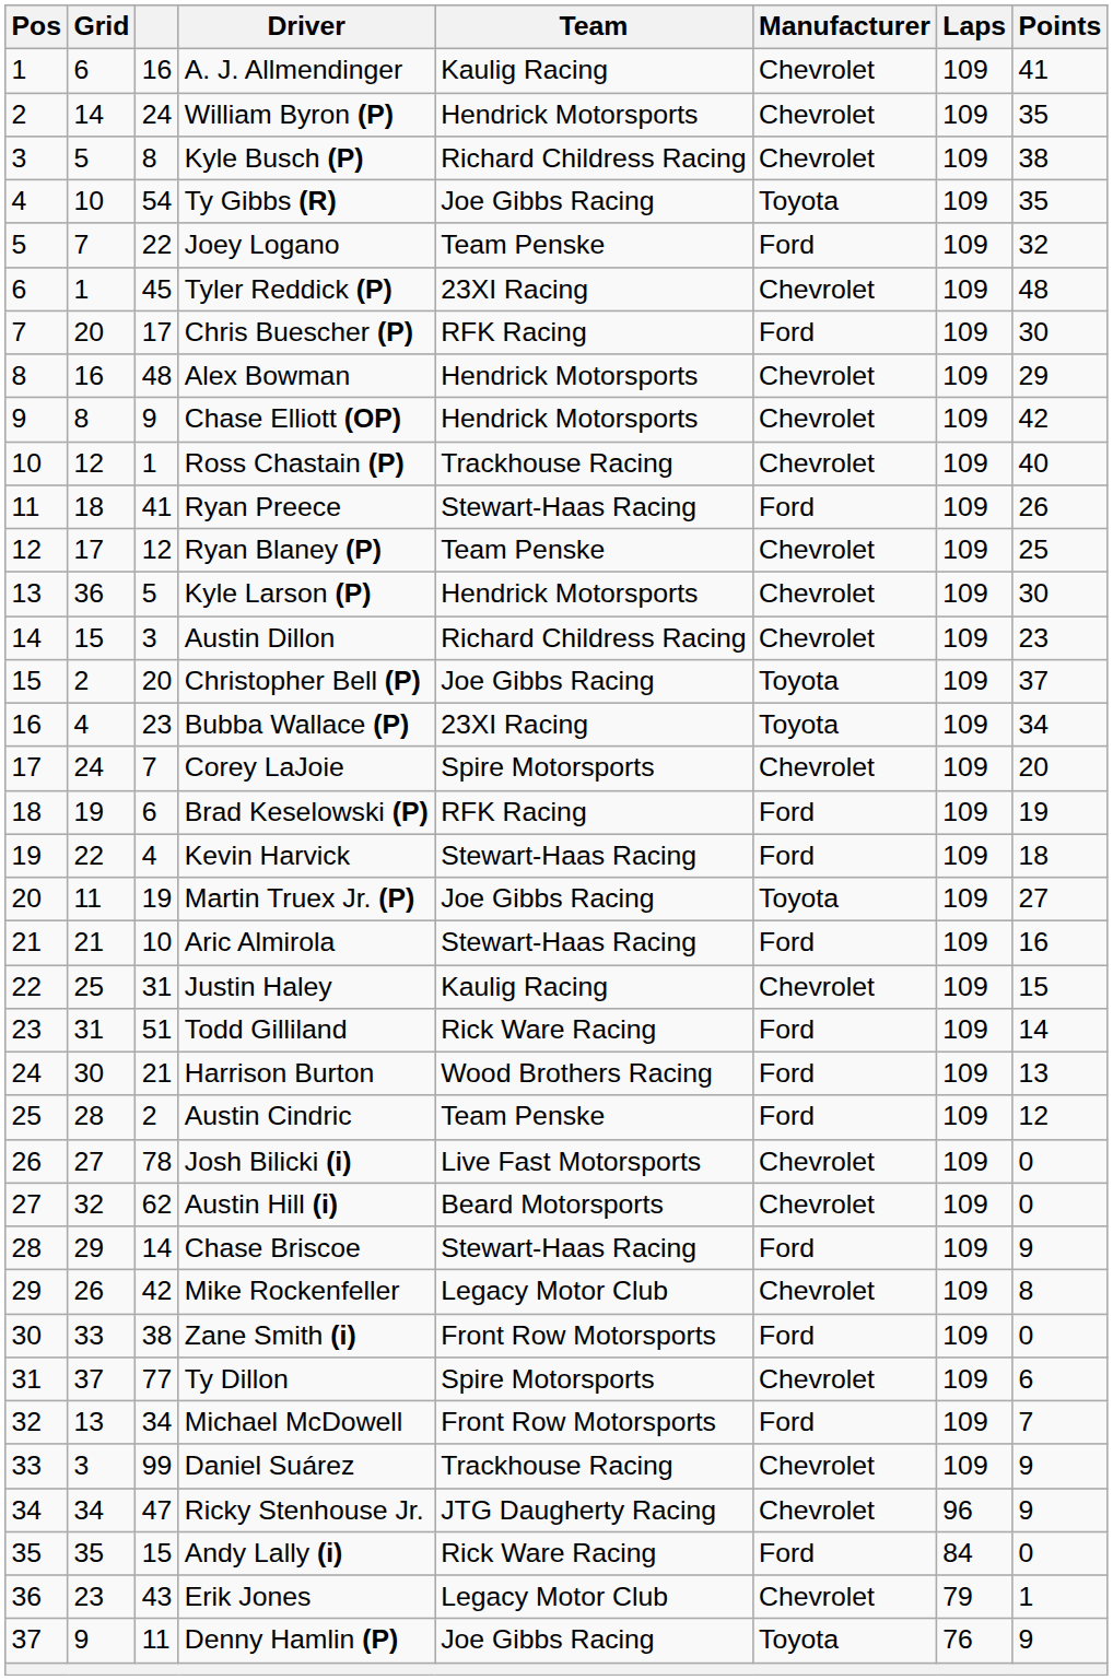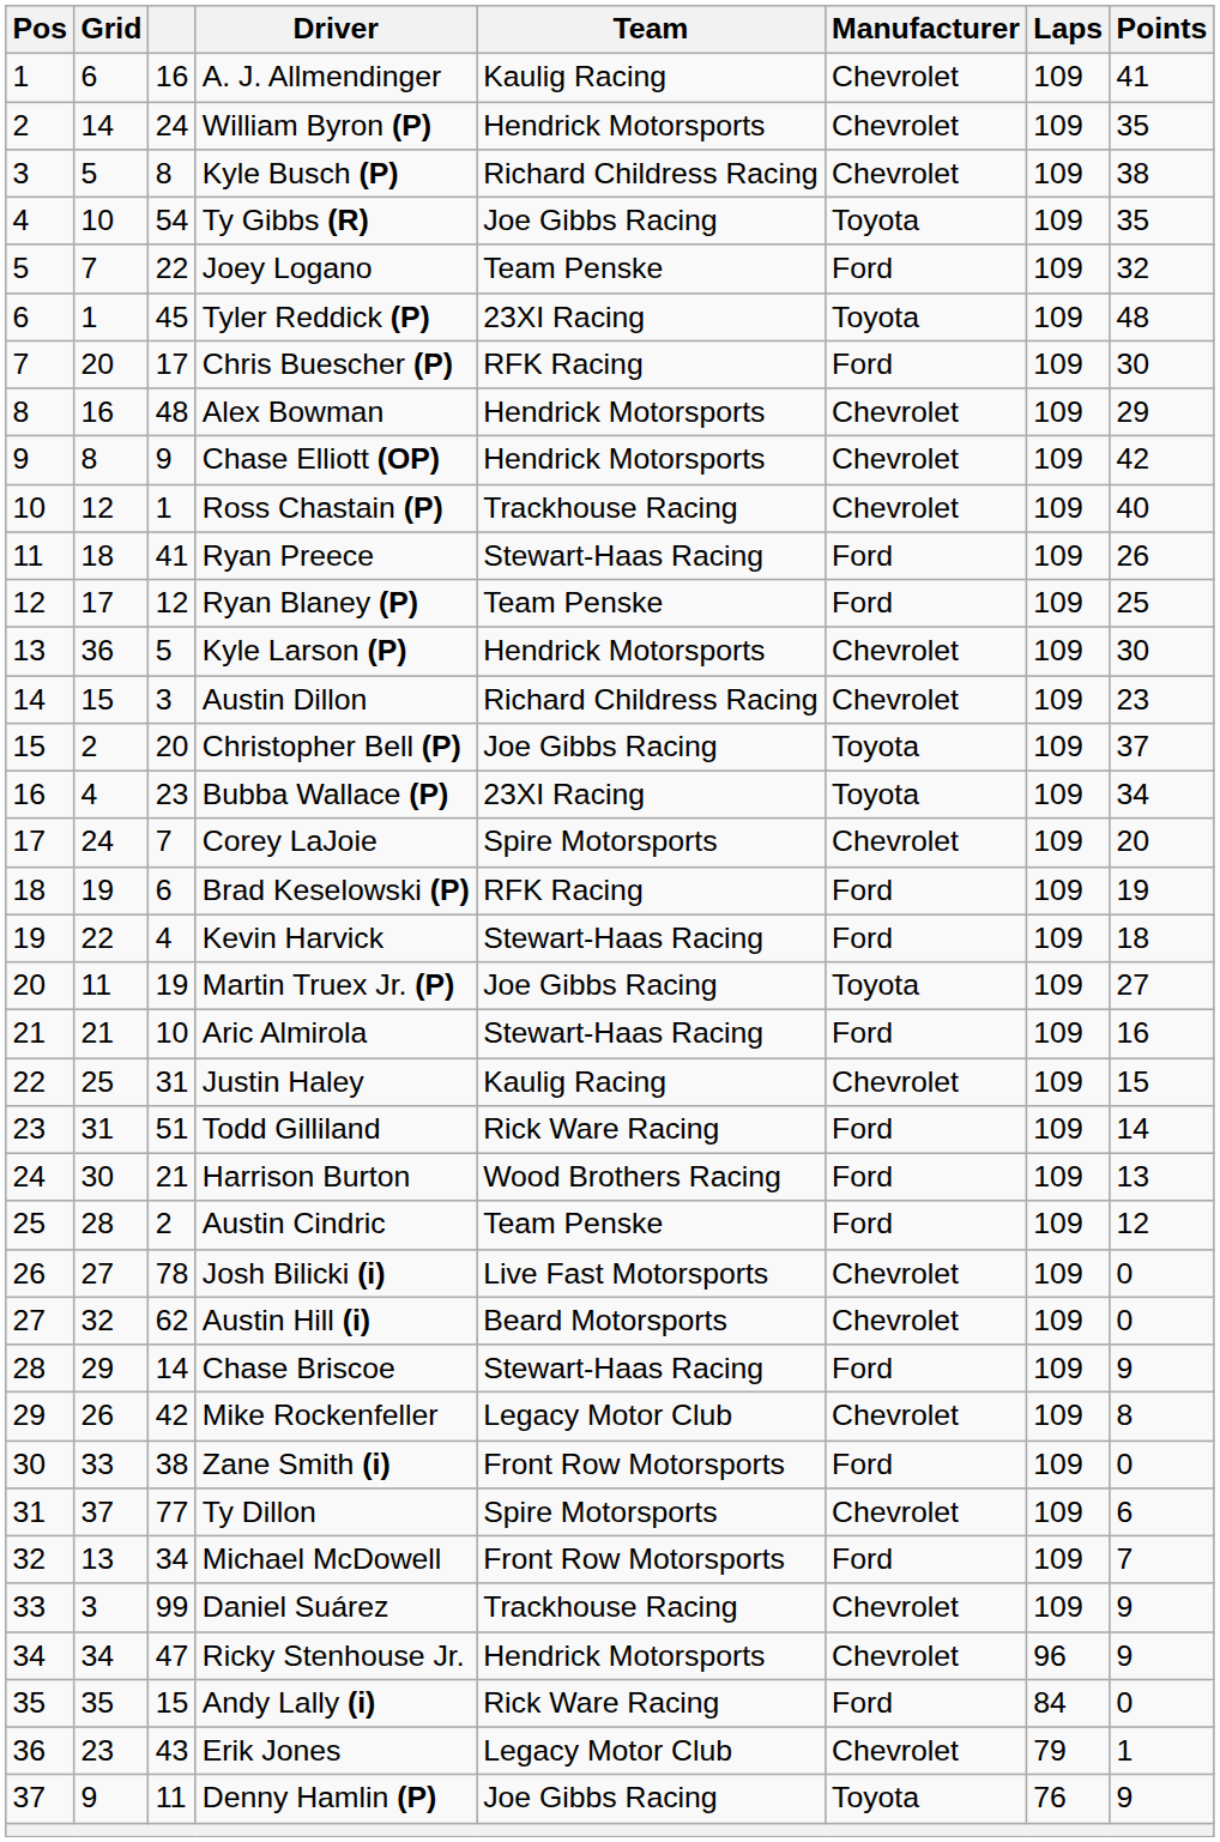 <table class="wikitable" style="font-size:98%">
 <tr>
 <th>Pos</th>
 <th>Grid</th>
 <th></th>
 <th>Driver</th>
 <th>Team</th>
 <th>Manufacturer</th>
 <th>Laps</th>
 <th>Points</th>
 </tr>
 <tr>
 <td>1</td>
 <td>6</td>
 <td>16</td>
 <td>A. J. Allmendinger</td>
 <td>Kaulig Racing</td>
 <td>Chevrolet</td>
 <td>109</td>
 <td>41</td>
 </tr>
 <tr>
 <td>2</td>
 <td>14</td>
 <td>24</td>
 <td>William Byron <strong>(P)</strong></td>
 <td>Hendrick Motorsports</td>
 <td>Chevrolet</td>
 <td>109</td>
 <td>35</td>
 </tr>
 <tr>
 <td>3</td>
 <td>5</td>
 <td>8</td>
 <td>Kyle Busch <strong>(P)</strong></td>
 <td>Richard Childress Racing</td>
 <td>Chevrolet</td>
 <td>109</td>
 <td>38</td>
 </tr>
 <tr>
 <td>4</td>
 <td>10</td>
 <td>54</td>
 <td>Ty Gibbs <strong>(R)</strong></td>
 <td>Joe Gibbs Racing</td>
 <td>Toyota</td>
 <td>109</td>
 <td>35</td>
 </tr>
 <tr>
 <td>5</td>
 <td>7</td>
 <td>22</td>
 <td>Joey Logano</td>
 <td>Team Penske</td>
 <td>Ford</td>
 <td>109</td>
 <td>32</td>
 </tr>
 <tr>
 <td>6</td>
 <td>1</td>
 <td>45</td>
 <td>Tyler Reddick <strong>(P)</strong></td>
 <td>23XI Racing</td>
-<td>Chevrolet</td>
+<td>Toyota</td>
 <td>109</td>
 <td>48</td>
 </tr>
 <tr>
 <td>7</td>
 <td>20</td>
 <td>17</td>
 <td>Chris Buescher <strong>(P)</strong></td>
 <td>RFK Racing</td>
 <td>Ford</td>
 <td>109</td>
 <td>30</td>
 </tr>
 <tr>
 <td>8</td>
 <td>16</td>
 <td>48</td>
 <td>Alex Bowman</td>
 <td>Hendrick Motorsports</td>
 <td>Chevrolet</td>
 <td>109</td>
 <td>29</td>
 </tr>
 <tr>
 <td>9</td>
 <td>8</td>
 <td>9</td>
 <td>Chase Elliott <strong>(OP)</strong></td>
 <td>Hendrick Motorsports</td>
 <td>Chevrolet</td>
 <td>109</td>
 <td>42</td>
 </tr>
 <tr>
 <td>10</td>
 <td>12</td>
 <td>1</td>
 <td>Ross Chastain <strong>(P)</strong></td>
 <td>Trackhouse Racing</td>
 <td>Chevrolet</td>
 <td>109</td>
 <td>40</td>
 </tr>
 <tr>
 <td>11</td>
 <td>18</td>
 <td>41</td>
 <td>Ryan Preece</td>
 <td>Stewart-Haas Racing</td>
 <td>Ford</td>
 <td>109</td>
 <td>26</td>
 </tr>
 <tr>
 <td>12</td>
 <td>17</td>
 <td>12</td>
 <td>Ryan Blaney <strong>(P)</strong></td>
 <td>Team Penske</td>
-<td>Chevrolet</td>
+<td>Ford</td>
 <td>109</td>
 <td>25</td>
 </tr>
 <tr>
 <td>13</td>
 <td>36</td>
 <td>5</td>
 <td>Kyle Larson <strong>(P)</strong></td>
 <td>Hendrick Motorsports</td>
 <td>Chevrolet</td>
 <td>109</td>
 <td>30</td>
 </tr>
 <tr>
 <td>14</td>
 <td>15</td>
 <td>3</td>
 <td>Austin Dillon</td>
 <td>Richard Childress Racing</td>
 <td>Chevrolet</td>
 <td>109</td>
 <td>23</td>
 </tr>
 <tr>
 <td>15</td>
 <td>2</td>
 <td>20</td>
 <td>Christopher Bell <strong>(P)</strong></td>
 <td>Joe Gibbs Racing</td>
 <td>Toyota</td>
 <td>109</td>
 <td>37</td>
 </tr>
 <tr>
 <td>16</td>
 <td>4</td>
 <td>23</td>
 <td>Bubba Wallace <strong>(P)</strong></td>
 <td>23XI Racing</td>
 <td>Toyota</td>
 <td>109</td>
 <td>34</td>
 </tr>
 <tr>
 <td>17</td>
 <td>24</td>
 <td>7</td>
 <td>Corey LaJoie</td>
 <td>Spire Motorsports</td>
 <td>Chevrolet</td>
 <td>109</td>
 <td>20</td>
 </tr>
 <tr>
 <td>18</td>
 <td>19</td>
 <td>6</td>
 <td>Brad Keselowski <strong>(P)</strong></td>
 <td>RFK Racing</td>
 <td>Ford</td>
 <td>109</td>
 <td>19</td>
 </tr>
 <tr>
 <td>19</td>
 <td>22</td>
 <td>4</td>
 <td>Kevin Harvick</td>
 <td>Stewart-Haas Racing</td>
 <td>Ford</td>
 <td>109</td>
 <td>18</td>
 </tr>
 <tr>
 <td>20</td>
 <td>11</td>
 <td>19</td>
 <td>Martin Truex Jr. <strong>(P)</strong></td>
 <td>Joe Gibbs Racing</td>
 <td>Toyota</td>
 <td>109</td>
 <td>27</td>
 </tr>
 <tr>
 <td>21</td>
 <td>21</td>
 <td>10</td>
 <td>Aric Almirola</td>
 <td>Stewart-Haas Racing</td>
 <td>Ford</td>
 <td>109</td>
 <td>16</td>
 </tr>
 <tr>
 <td>22</td>
 <td>25</td>
 <td>31</td>
 <td>Justin Haley</td>
 <td>Kaulig Racing</td>
 <td>Chevrolet</td>
 <td>109</td>
 <td>15</td>
 </tr>
 <tr>
 <td>23</td>
 <td>31</td>
 <td>51</td>
 <td>Todd Gilliland</td>
 <td>Rick Ware Racing</td>
 <td>Ford</td>
 <td>109</td>
 <td>14</td>
 </tr>
 <tr>
 <td>24</td>
 <td>30</td>
 <td>21</td>
 <td>Harrison Burton</td>
 <td>Wood Brothers Racing</td>
 <td>Ford</td>
 <td>109</td>
 <td>13</td>
 </tr>
 <tr>
 <td>25</td>
 <td>28</td>
 <td>2</td>
 <td>Austin Cindric</td>
 <td>Team Penske</td>
 <td>Ford</td>
 <td>109</td>
 <td>12</td>
 </tr>
 <tr>
 <td>26</td>
 <td>27</td>
 <td>78</td>
 <td>Josh Bilicki <strong>(i)</strong></td>
 <td>Live Fast Motorsports</td>
 <td>Chevrolet</td>
 <td>109</td>
 <td>0</td>
 </tr>
 <tr>
 <td>27</td>
 <td>32</td>
 <td>62</td>
 <td>Austin Hill <strong>(i)</strong></td>
 <td>Beard Motorsports</td>
 <td>Chevrolet</td>
 <td>109</td>
 <td>0</td>
 </tr>
 <tr>
 <td>28</td>
 <td>29</td>
 <td>14</td>
 <td>Chase Briscoe</td>
 <td>Stewart-Haas Racing</td>
 <td>Ford</td>
 <td>109</td>
 <td>9</td>
 </tr>
 <tr>
 <td>29</td>
 <td>26</td>
 <td>42</td>
 <td>Mike Rockenfeller</td>
 <td>Legacy Motor Club</td>
 <td>Chevrolet</td>
 <td>109</td>
 <td>8</td>
 </tr>
 <tr>
 <td>30</td>
 <td>33</td>
 <td>38</td>
 <td>Zane Smith <strong>(i)</strong></td>
 <td>Front Row Motorsports</td>
 <td>Ford</td>
 <td>109</td>
 <td>0</td>
 </tr>
 <tr>
 <td>31</td>
 <td>37</td>
 <td>77</td>
 <td>Ty Dillon</td>
 <td>Spire Motorsports</td>
 <td>Chevrolet</td>
 <td>109</td>
 <td>6</td>
 </tr>
 <tr>
 <td>32</td>
 <td>13</td>
 <td>34</td>
 <td>Michael McDowell</td>
 <td>Front Row Motorsports</td>
 <td>Ford</td>
 <td>109</td>
 <td>7</td>
 </tr>
 <tr>
 <td>33</td>
 <td>3</td>
 <td>99</td>
 <td>Daniel Suárez</td>
 <td>Trackhouse Racing</td>
 <td>Chevrolet</td>
 <td>109</td>
 <td>9</td>
 </tr>
 <tr>
 <td>34</td>
 <td>34</td>
 <td>47</td>
 <td>Ricky Stenhouse Jr.</td>
-<td>JTG Daugherty Racing</td>
+<td>Hendrick Motorsports</td>
 <td>Chevrolet</td>
 <td>96</td>
 <td>9</td>
 </tr>
 <tr>
 <td>35</td>
 <td>35</td>
 <td>15</td>
 <td>Andy Lally <strong>(i)</strong></td>
 <td>Rick Ware Racing</td>
 <td>Ford</td>
 <td>84</td>
 <td>0</td>
 </tr>
 <tr>
 <td>36</td>
 <td>23</td>
 <td>43</td>
 <td>Erik Jones</td>
 <td>Legacy Motor Club</td>
 <td>Chevrolet</td>
 <td>79</td>
 <td>1</td>
 </tr>
 <tr>
 <td>37</td>
 <td>9</td>
 <td>11</td>
 <td>Denny Hamlin <strong>(P)</strong></td>
 <td>Joe Gibbs Racing</td>
 <td>Toyota</td>
 <td>76</td>
 <td>9</td>
 </tr>
 <tr>
 <th colspan="8"></th>
 </tr>
 </table>
